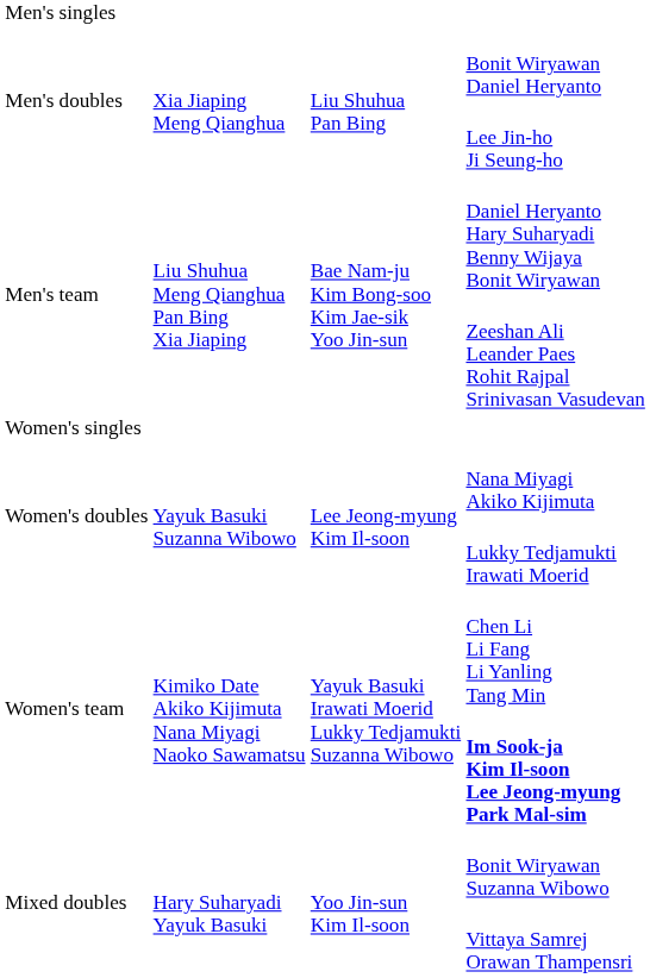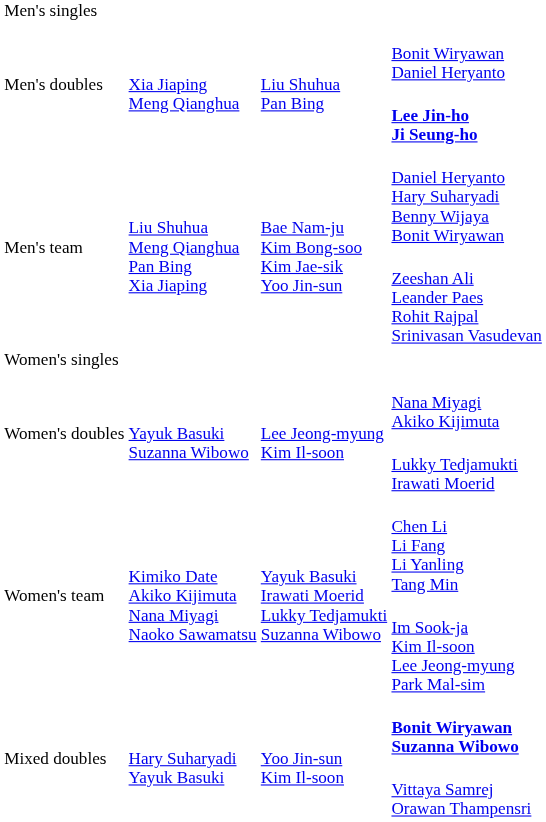 <table>
 <tr>
 <td rowspan=2>Men's singles</td>
 <td rowspan=2></td>
 <td rowspan=2></td>
 <td></td>
 </tr>
 <tr>
 <td></td>
 </tr>
 <tr>
 <td rowspan=2>Men's doubles</td>
 <td rowspan=2><br><a href='#'>Xia Jiaping</a><br><a href='#'>Meng Qianghua</a></td>
 <td rowspan=2><br><a href='#'>Liu Shuhua</a><br><a href='#'>Pan Bing</a></td>
 <td><br><a href='#'>Bonit Wiryawan</a><br><a href='#'>Daniel Heryanto</a></td>
 </tr>
 <tr>
-<td><br><a href='#'>Lee Jin-ho</a><br><a href='#'>Ji Seung-ho</a></td>
+<td><strong><br><a href='#'>Lee Jin-ho</a><br><a href='#'>Ji Seung-ho</a></strong></td>
 </tr>
 <tr>
 <td rowspan=2>Men's team</td>
 <td rowspan=2><br><a href='#'>Liu Shuhua</a><br><a href='#'>Meng Qianghua</a><br><a href='#'>Pan Bing</a><br><a href='#'>Xia Jiaping</a></td>
 <td rowspan=2><br><a href='#'>Bae Nam-ju</a><br><a href='#'>Kim Bong-soo</a><br><a href='#'>Kim Jae-sik</a><br><a href='#'>Yoo Jin-sun</a></td>
 <td><br><a href='#'>Daniel Heryanto</a><br><a href='#'>Hary Suharyadi</a><br><a href='#'>Benny Wijaya</a><br><a href='#'>Bonit Wiryawan</a></td>
 </tr>
 <tr>
 <td><br><a href='#'>Zeeshan Ali</a><br><a href='#'>Leander Paes</a><br><a href='#'>Rohit Rajpal</a><br><a href='#'>Srinivasan Vasudevan</a></td>
 </tr>
 <tr>
 <td rowspan=2>Women's singles</td>
 <td rowspan=2></td>
 <td rowspan=2></td>
 <td></td>
 </tr>
 <tr>
 <td></td>
 </tr>
 <tr>
 <td rowspan=2>Women's doubles</td>
 <td rowspan=2><br><a href='#'>Yayuk Basuki</a><br><a href='#'>Suzanna Wibowo</a></td>
 <td rowspan=2><br><a href='#'>Lee Jeong-myung</a><br><a href='#'>Kim Il-soon</a></td>
 <td><br><a href='#'>Nana Miyagi</a><br><a href='#'>Akiko Kijimuta</a></td>
 </tr>
 <tr>
 <td><br><a href='#'>Lukky Tedjamukti</a><br><a href='#'>Irawati Moerid</a></td>
 </tr>
 <tr>
 <td rowspan=2>Women's team</td>
 <td rowspan=2><br><a href='#'>Kimiko Date</a><br><a href='#'>Akiko Kijimuta</a><br><a href='#'>Nana Miyagi</a><br><a href='#'>Naoko Sawamatsu</a></td>
 <td rowspan=2><br><a href='#'>Yayuk Basuki</a><br><a href='#'>Irawati Moerid</a><br><a href='#'>Lukky Tedjamukti</a><br><a href='#'>Suzanna Wibowo</a></td>
 <td><br><a href='#'>Chen Li</a><br><a href='#'>Li Fang</a><br><a href='#'>Li Yanling</a><br><a href='#'>Tang Min</a></td>
 </tr>
 <tr>
-<td><strong><br><a href='#'>Im Sook-ja</a><br><a href='#'>Kim Il-soon</a><br><a href='#'>Lee Jeong-myung</a><br><a href='#'>Park Mal-sim</a></strong></td>
+<td><br><a href='#'>Im Sook-ja</a><br><a href='#'>Kim Il-soon</a><br><a href='#'>Lee Jeong-myung</a><br><a href='#'>Park Mal-sim</a></td>
 </tr>
 <tr>
 <td rowspan=2>Mixed doubles</td>
 <td rowspan=2><br><a href='#'>Hary Suharyadi</a><br><a href='#'>Yayuk Basuki</a></td>
 <td rowspan=2><br><a href='#'>Yoo Jin-sun</a><br><a href='#'>Kim Il-soon</a></td>
-<td><br><a href='#'>Bonit Wiryawan</a><br><a href='#'>Suzanna Wibowo</a></td>
+<td><strong><br><a href='#'>Bonit Wiryawan</a><br><a href='#'>Suzanna Wibowo</a></strong></td>
 </tr>
 <tr>
 <td><br><a href='#'>Vittaya Samrej</a><br><a href='#'>Orawan Thampensri</a></td>
 </tr>
 </table>
